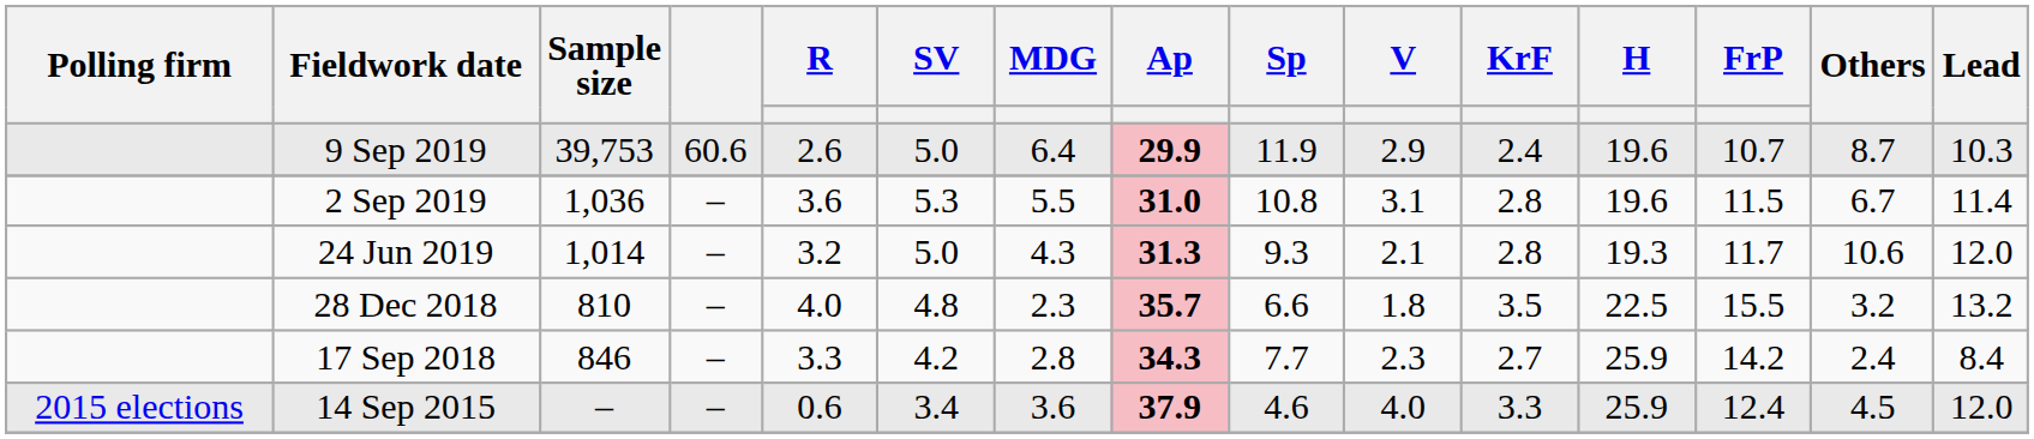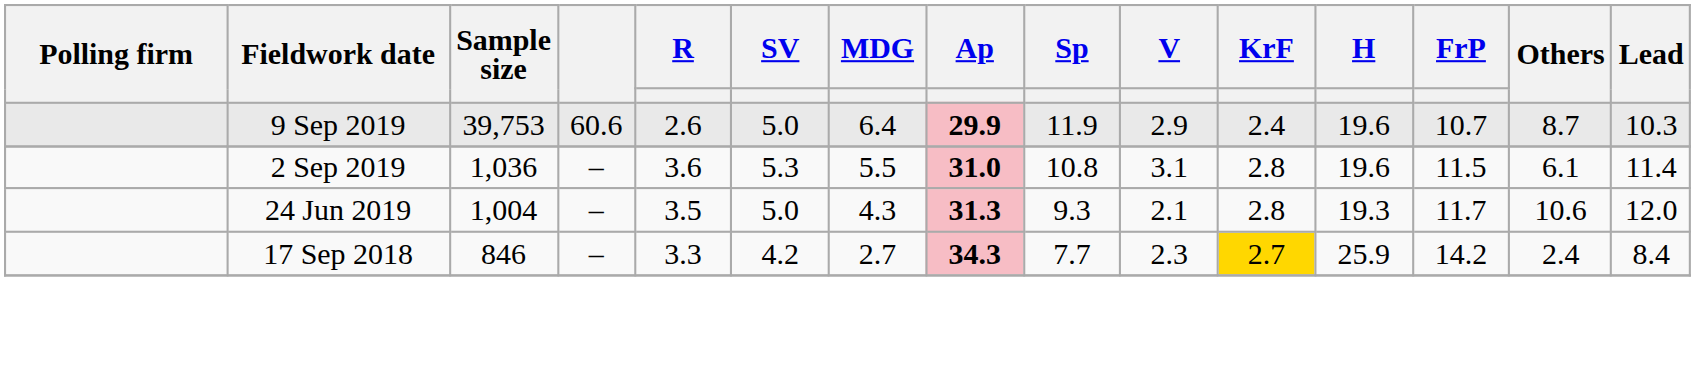 <table class="wikitable sortable" style="text-align:center;font-size:90%;line-height:14px;">
 <tr style="height:40px;">
 <th style="width:100px;" rowspan="2">Polling firm</th>
 <th style="width:100px;" rowspan="2">Fieldwork date</th>
 <th style="width:35px;" rowspan="2">Sample<br>size</th>
 <th style="width:30px;" rowspan="2"></th>
 <th class="unsortable" style="width:40px;"><a href='#'>R</a></th>
 <th class="unsortable" style="width:40px;"><a href='#'>SV</a></th>
 <th class="unsortable" style="width:40px;"><a href='#'>MDG</a></th>
 <th class="unsortable" style="width:40px;"><a href='#'>Ap</a></th>
 <th class="unsortable" style="width:40px;"><a href='#'>Sp</a></th>
 <th class="unsortable" style="width:40px;"><a href='#'>V</a></th>
 <th class="unsortable" style="width:40px;"><a href='#'>KrF</a></th>
 <th class="unsortable" style="width:40px;"><a href='#'>H</a></th>
 <th class="unsortable" style="width:40px;"><a href='#'>FrP</a></th>
 <th class="unsortable" style="width:30px;" rowspan="2">Others</th>
 <th style="width:30px;" rowspan="2">Lead</th>
 </tr>
 <tr>
 <th style="background:"></th>
 <th style="background:"></th>
 <th style="background:"></th>
 <th style="background:"></th>
 <th style="background:"></th>
 <th style="background:"></th>
 <th style="background:"></th>
 <th style="background:"></th>
 <th style="background:"></th>
 </tr>
 <tr style="background:#E9E9E9;">
 <td></td>
 <td data-sort-value="2019-09-09">9 Sep 2019</td>
 <td>39,753</td>
 <td>60.6</td>
 <td>2.6</td>
 <td>5.0</td>
 <td>6.4</td>
 <td style="background:#F7BDC5;"><strong>29.9</strong></td>
 <td>11.9</td>
 <td>2.9</td>
 <td>2.4</td>
 <td>19.6</td>
 <td>10.7</td>
 <td>8.7</td>
 <td style="background:">10.3</td>
 </tr>
 <tr>
 </tr>
 <tr>
 <td></td>
 <td data-sort-value="2019-06-06">2 Sep 2019</td>
 <td>1,036</td>
 <td>–</td>
 <td>3.6</td>
 <td>5.3</td>
 <td>5.5</td>
 <td style="background:#F7BDC5;"><strong>31.0</strong></td>
 <td>10.8</td>
 <td>3.1</td>
 <td>2.8</td>
 <td>19.6</td>
 <td>11.5</td>
-<td>6.7</td>
+<td>6.1</td>
 <td style="background:">11.4</td>
 </tr>
 <tr>
 <td></td>
 <td data-sort-value="2019-07-04">24 Jun 2019</td>
-<td>1,014</td>
+<td>1,004</td>
 <td>–</td>
-<td>3.2</td>
+<td>3.5</td>
 <td>5.0</td>
 <td>4.3</td>
 <td style="background:#F7BDC5;"><strong>31.3</strong></td>
 <td>9.3</td>
 <td>2.1</td>
 <td>2.8</td>
 <td>19.3</td>
 <td>11.7</td>
 <td>10.6</td>
 <td style="background:">12.0</td>
 </tr>
 <tr>
 <td></td>
-<td data-sort-value="2018-12-28">28 Dec 2018</td>
-<td>810</td>
-<td>–</td>
-<td>4.0</td>
-<td>4.8</td>
-<td>2.3</td>
-<td style="background:#F7BDC5;"><strong>35.7</strong></td>
-<td>6.6</td>
-<td>1.8</td>
-<td>3.5</td>
-<td>22.5</td>
-<td>15.5</td>
-<td>3.2</td>
-<td style="background:">13.2</td>
-</tr>
-<tr>
-<td></td>
 <td data-sort-value="2018-09-21">17 Sep 2018</td>
 <td>846</td>
 <td>–</td>
 <td>3.3</td>
 <td>4.2</td>
-<td>2.8</td>
+<td>2.7</td>
 <td style="background:#F7BDC5;"><strong>34.3</strong></td>
 <td>7.7</td>
 <td>2.3</td>
-<td>2.7</td>
+<td style="background: gold;">2.7</td>
 <td>25.9</td>
 <td>14.2</td>
 <td>2.4</td>
 <td style="background:">8.4</td>
 </tr>
-<tr style="background:#E9E9E9;">
-<td><a href='#'>2015 elections</a></td>
-<td data-sort-value="2018-09-21">14 Sep 2015</td>
-<td>–</td>
-<td>–</td>
-<td>0.6</td>
-<td>3.4</td>
-<td>3.6</td>
-<td style="background:#F7BDC5;"><strong>37.9</strong></td>
-<td>4.6</td>
-<td>4.0</td>
-<td>3.3</td>
-<td>25.9</td>
-<td>12.4</td>
-<td>4.5</td>
-<td style="background:">12.0</td>
-</tr>
 <tr>
 </tr>
 </table>
